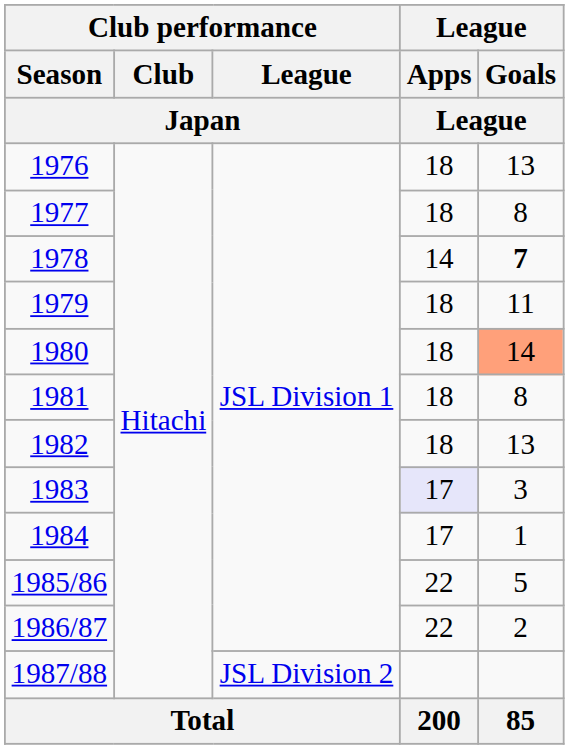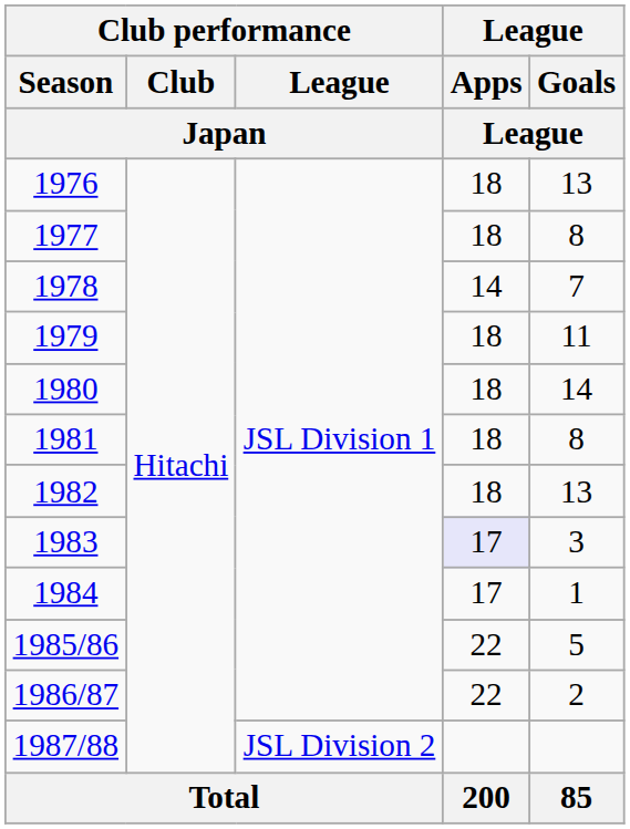 <table class="wikitable" style="text-align:center;">
 <tr>
 <th colspan=3>Club performance</th>
 <th colspan=2>League</th>
 </tr>
 <tr>
 <th>Season</th>
 <th>Club</th>
 <th>League</th>
 <th>Apps</th>
 <th>Goals</th>
 </tr>
 <tr>
 <th colspan=3>Japan</th>
 <th colspan=2>League</th>
 </tr>
 <tr>
 <td><a href='#'>1976</a></td>
 <td rowspan="12"><a href='#'>Hitachi</a></td>
 <td rowspan="11"><a href='#'>JSL Division 1</a></td>
 <td>18</td>
 <td>13</td>
 </tr>
 <tr>
 <td><a href='#'>1977</a></td>
 <td>18</td>
 <td>8</td>
 </tr>
 <tr>
 <td><a href='#'>1978</a></td>
 <td>14</td>
-<td><strong>7</strong></td>
+<td>7</td>
 </tr>
 <tr>
 <td><a href='#'>1979</a></td>
 <td>18</td>
 <td>11</td>
 </tr>
 <tr>
 <td><a href='#'>1980</a></td>
 <td>18</td>
-<td style="background: lightsalmon;">14</td>
+<td>14</td>
 </tr>
 <tr>
 <td><a href='#'>1981</a></td>
 <td>18</td>
 <td>8</td>
 </tr>
 <tr>
 <td><a href='#'>1982</a></td>
 <td>18</td>
 <td>13</td>
 </tr>
 <tr>
 <td><a href='#'>1983</a></td>
 <td style="background: lavender;">17</td>
 <td>3</td>
 </tr>
 <tr>
 <td><a href='#'>1984</a></td>
 <td>17</td>
 <td>1</td>
 </tr>
 <tr>
 <td><a href='#'>1985/86</a></td>
 <td>22</td>
 <td>5</td>
 </tr>
 <tr>
 <td><a href='#'>1986/87</a></td>
 <td>22</td>
 <td>2</td>
 </tr>
 <tr>
 <td><a href='#'>1987/88</a></td>
 <td><a href='#'>JSL Division 2</a></td>
 <td></td>
 <td></td>
 </tr>
 <tr>
 <th colspan=3>Total</th>
 <th>200</th>
 <th>85</th>
 </tr>
 </table>
